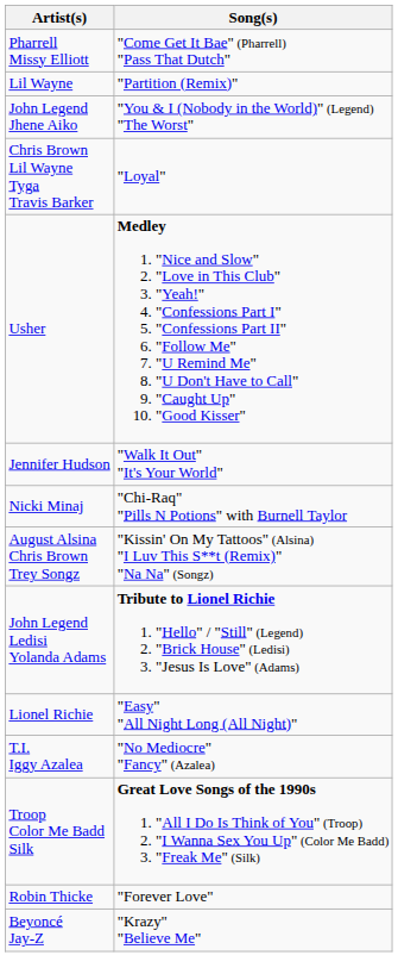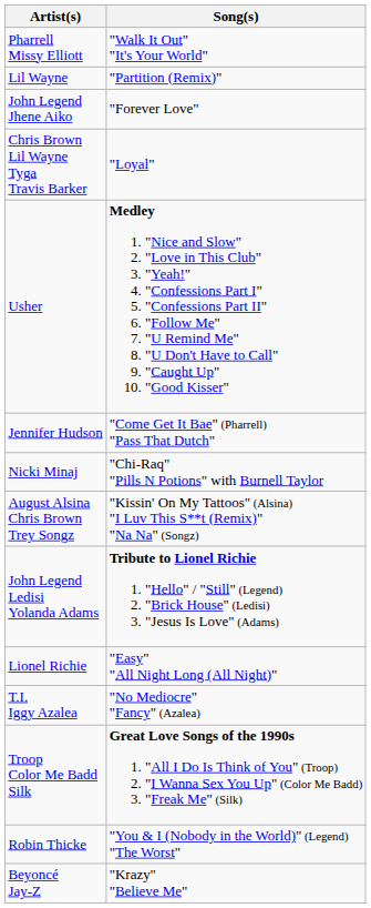 <table class="wikitable">
 <tr>
 <th>Artist(s)</th>
 <th>Song(s)</th>
 </tr>
 <tr>
 <td><a href='#'>Pharrell</a><br><a href='#'>Missy Elliott</a></td>
-<td>"<a href='#'>Come Get It Bae</a>"<small> (Pharrell)</small><br>"<a href='#'>Pass That Dutch</a>"</td>
+<td>"<a href='#'>Walk It Out</a>"<br>"<a href='#'>It's Your World</a>"</td>
 </tr>
 <tr>
 <td><a href='#'>Lil Wayne</a></td>
 <td>"<a href='#'>Partition (Remix)</a>"</td>
 </tr>
 <tr>
 <td><a href='#'>John Legend</a><br><a href='#'>Jhene Aiko</a></td>
-<td>"<a href='#'>You & I (Nobody in the World)</a>"<small> (Legend)</small><br>"<a href='#'>The Worst</a>"</td>
+<td>"Forever Love"</td>
 </tr>
 <tr>
 <td><a href='#'>Chris Brown</a><br><a href='#'>Lil Wayne</a><br><a href='#'>Tyga</a><br><a href='#'>Travis Barker</a></td>
 <td>"<a href='#'>Loyal</a>"</td>
 </tr>
 <tr>
 <td><a href='#'>Usher</a></td>
 <td><strong>Medley</strong><br><ol><li>"<a href='#'>Nice and Slow</a>"</li><li>"<a href='#'>Love in This Club</a>"</li><li>"<a href='#'>Yeah!</a>"</li><li>"<a href='#'>Confessions Part I</a>"</li><li>"<a href='#'>Confessions Part II</a>"</li><li>"<a href='#'>Follow Me</a>"</li><li>"<a href='#'>U Remind Me</a>"</li><li>"<a href='#'>U Don't Have to Call</a>"</li><li>"<a href='#'>Caught Up</a>"</li><li>"<a href='#'>Good Kisser</a>"</li></ol></td>
 </tr>
 <tr>
 <td><a href='#'>Jennifer Hudson</a></td>
-<td>"<a href='#'>Walk It Out</a>"<br>"<a href='#'>It's Your World</a>"</td>
+<td>"<a href='#'>Come Get It Bae</a>"<small> (Pharrell)</small><br>"<a href='#'>Pass That Dutch</a>"</td>
 </tr>
 <tr>
 <td><a href='#'>Nicki Minaj</a></td>
 <td>"Chi-Raq"<br>"<a href='#'>Pills N Potions</a>" with <a href='#'>Burnell Taylor</a></td>
 </tr>
 <tr>
 <td><a href='#'>August Alsina</a><br><a href='#'>Chris Brown</a><br><a href='#'>Trey Songz</a></td>
 <td>"Kissin' On My Tattoos"<small> (Alsina)</small><br>"<a href='#'>I Luv This S**t (Remix)</a>"<br>"<a href='#'>Na Na</a>"<small> (Songz)</small></td>
 </tr>
 <tr>
 <td><a href='#'>John Legend</a><br><a href='#'>Ledisi</a><br><a href='#'>Yolanda Adams</a></td>
 <td><strong>Tribute to <a href='#'>Lionel Richie</a></strong><br><ol><li>"<a href='#'>Hello</a>" / "<a href='#'>Still</a>"<small> (Legend)</small></li><li>"<a href='#'>Brick House</a>"<small> (Ledisi)</small></li><li>"Jesus Is Love"<small> (Adams)</small></li></ol></td>
 </tr>
 <tr>
 <td><a href='#'>Lionel Richie</a></td>
 <td>"<a href='#'>Easy</a>"<br>"<a href='#'>All Night Long (All Night)</a>"</td>
 </tr>
 <tr>
 <td><a href='#'>T.I.</a><br><a href='#'>Iggy Azalea</a></td>
 <td>"<a href='#'>No Mediocre</a>"<br>"<a href='#'>Fancy</a>"<small> (Azalea)</small></td>
 </tr>
 <tr>
 <td><a href='#'>Troop</a><br><a href='#'>Color Me Badd</a><br><a href='#'>Silk</a></td>
 <td><strong>Great Love Songs of the 1990s</strong><br><ol><li>"<a href='#'>All I Do Is Think of You</a>"<small> (Troop)</small></li><li>"<a href='#'>I Wanna Sex You Up</a>"<small> (Color Me Badd)</small></li><li>"<a href='#'>Freak Me</a>"<small> (Silk)</small></li></ol></td>
 </tr>
 <tr>
 <td><a href='#'>Robin Thicke</a></td>
-<td>"Forever Love"</td>
+<td>"<a href='#'>You & I (Nobody in the World)</a>"<small> (Legend)</small><br>"<a href='#'>The Worst</a>"</td>
 </tr>
 <tr>
 <td><a href='#'>Beyoncé</a><br><a href='#'>Jay-Z</a></td>
 <td>"Krazy"<br>"<a href='#'>Believe Me</a>"</td>
 </tr>
 </table>
